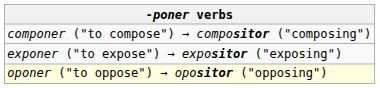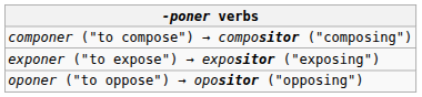 <table class="wikitable">
 <tr>
 <th><em>-poner</em> verbs</th>
 </tr>
 <tr>
 <td><em>componer</em> ("to compose") → <em>compo<strong>sitor</strong> </em> ("composing")</td>
 </tr>
 <tr>
 <td><em>exponer</em> ("to expose") → <em>expo<strong>sitor</strong> </em> ("exposing")</td>
 </tr>
 <tr>
-<td style="background: lightyellow;"><em>oponer</em> ("to oppose") → <em>opo<strong>sitor</strong> </em> ("opposing")</td>
+<td><em>oponer</em> ("to oppose") → <em>opo<strong>sitor</strong> </em> ("opposing")</td>
 </tr>
 </table>
